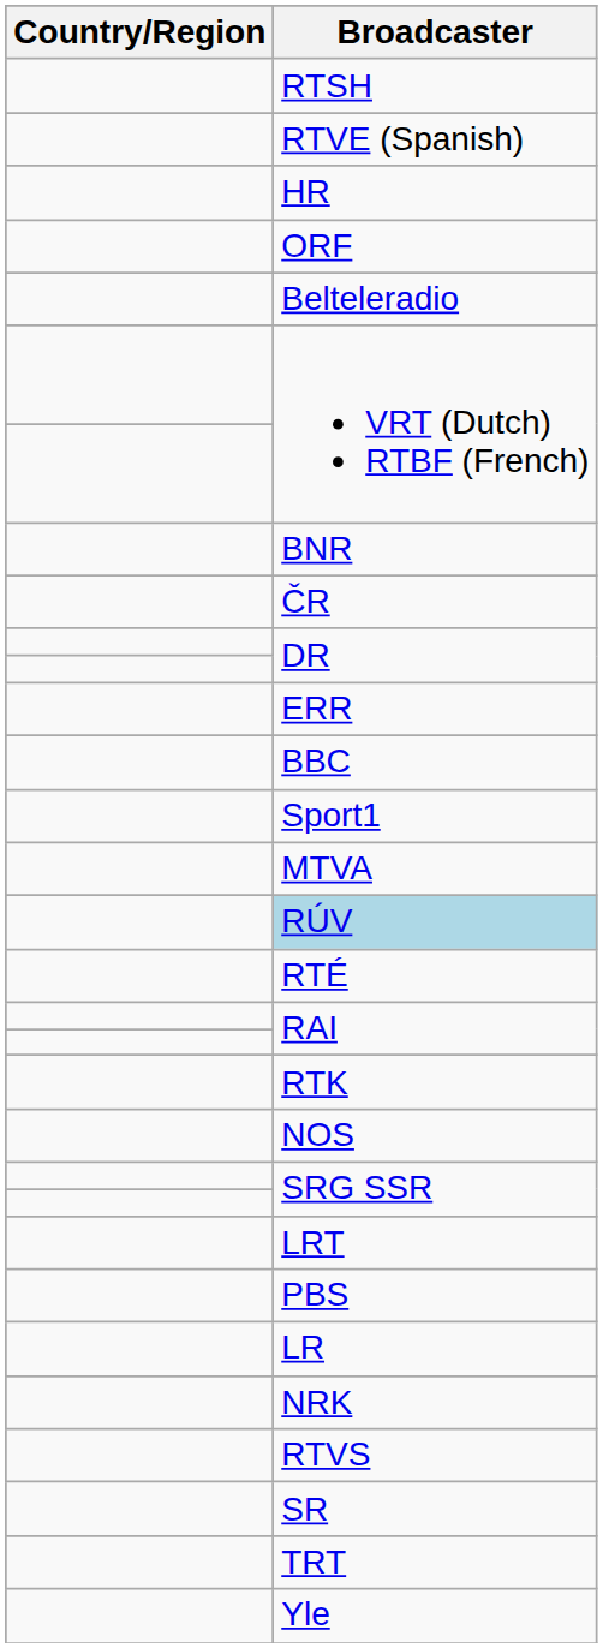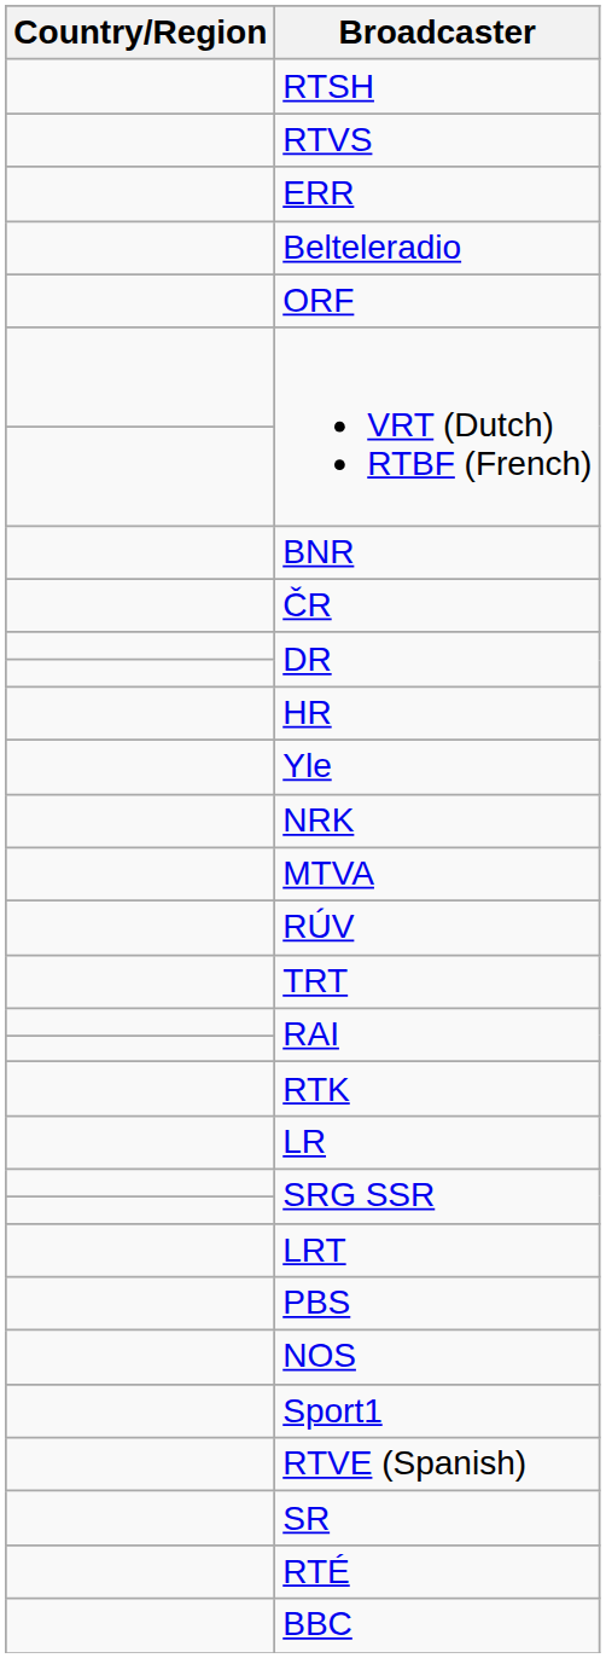 <table class="wikitable">
 <tr>
 <th>Country/Region</th>
 <th>Broadcaster</th>
 </tr>
 <tr>
 <td></td>
 <td><a href='#'>RTSH</a></td>
 </tr>
 <tr>
 <td></td>
-<td><a href='#'>RTVE</a> (Spanish)</td>
+<td><a href='#'>RTVS</a></td>
 </tr>
 <tr>
 <td></td>
-<td><a href='#'>HR</a></td>
+<td><a href='#'>ERR</a></td>
+</tr>
+<tr>
+<td></td>
+<td><a href='#'>Belteleradio</a></td>
 </tr>
 <tr>
 <td></td>
 <td><a href='#'>ORF</a></td>
-</tr>
-<tr>
-<td></td>
-<td><a href='#'>Belteleradio</a></td>
 </tr>
 <tr>
 <td></td>
 <td rowspan="2"><br><ul><li><a href='#'>VRT</a> (Dutch)</li><li><a href='#'>RTBF</a> (French)</li></ul></td>
 </tr>
 <tr>
 <td></td>
 </tr>
 <tr>
 <td></td>
 <td><a href='#'>BNR</a></td>
 </tr>
 <tr>
 <td></td>
 <td><a href='#'>ČR</a></td>
 </tr>
 <tr>
 <td></td>
 <td rowspan="2"><a href='#'>DR</a></td>
 </tr>
 <tr>
 <td></td>
 </tr>
 <tr>
 <td></td>
-<td><a href='#'>ERR</a></td>
+<td><a href='#'>HR</a></td>
 </tr>
 <tr>
 <td></td>
-<td><a href='#'>BBC</a></td>
+<td><a href='#'>Yle</a></td>
 </tr>
 <tr>
 <td></td>
-<td><a href='#'>Sport1</a></td>
+<td><a href='#'>NRK</a></td>
 </tr>
 <tr>
 <td></td>
 <td><a href='#'>MTVA</a></td>
 </tr>
 <tr>
 <td></td>
-<td style="background: lightblue;"><a href='#'>RÚV</a></td>
+<td><a href='#'>RÚV</a></td>
 </tr>
 <tr>
 <td></td>
-<td><a href='#'>RTÉ</a></td>
+<td><a href='#'>TRT</a></td>
 </tr>
 <tr>
 <td></td>
 <td rowspan="2"><a href='#'>RAI</a></td>
 </tr>
 <tr>
 <td></td>
 </tr>
 <tr>
 <td></td>
 <td><a href='#'>RTK</a></td>
 </tr>
 <tr>
 <td></td>
-<td><a href='#'>NOS</a></td>
+<td><a href='#'>LR</a></td>
 </tr>
 <tr>
 <td></td>
 <td rowspan="2"><a href='#'>SRG SSR</a></td>
 </tr>
 <tr>
 <td></td>
 </tr>
 <tr>
 <td></td>
 <td><a href='#'>LRT</a></td>
 </tr>
 <tr>
 <td></td>
 <td><a href='#'>PBS</a></td>
 </tr>
 <tr>
 <td></td>
-<td><a href='#'>LR</a></td>
+<td><a href='#'>NOS</a></td>
 </tr>
 <tr>
 <td></td>
-<td><a href='#'>NRK</a></td>
+<td><a href='#'>Sport1</a></td>
 </tr>
 <tr>
 <td></td>
-<td><a href='#'>RTVS</a></td>
+<td><a href='#'>RTVE</a> (Spanish)</td>
 </tr>
 <tr>
 <td></td>
 <td><a href='#'>SR</a></td>
 </tr>
 <tr>
 <td></td>
-<td><a href='#'>TRT</a></td>
+<td><a href='#'>RTÉ</a></td>
 </tr>
 <tr>
 <td></td>
-<td><a href='#'>Yle</a></td>
+<td><a href='#'>BBC</a></td>
 </tr>
 </table>
